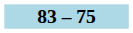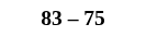 <table style="text-align:center">
 <tr>
 <th width=200></th>
 <th width=100></th>
 <th width=200></th>
 </tr>
 <tr>
 <td align=right><strong></strong></td>
-<td style="background: lightblue;"><strong>83 – 75</strong></td>
+<td><strong>83 – 75</strong></td>
 <td align=left></td>
 </tr>
 </table>
